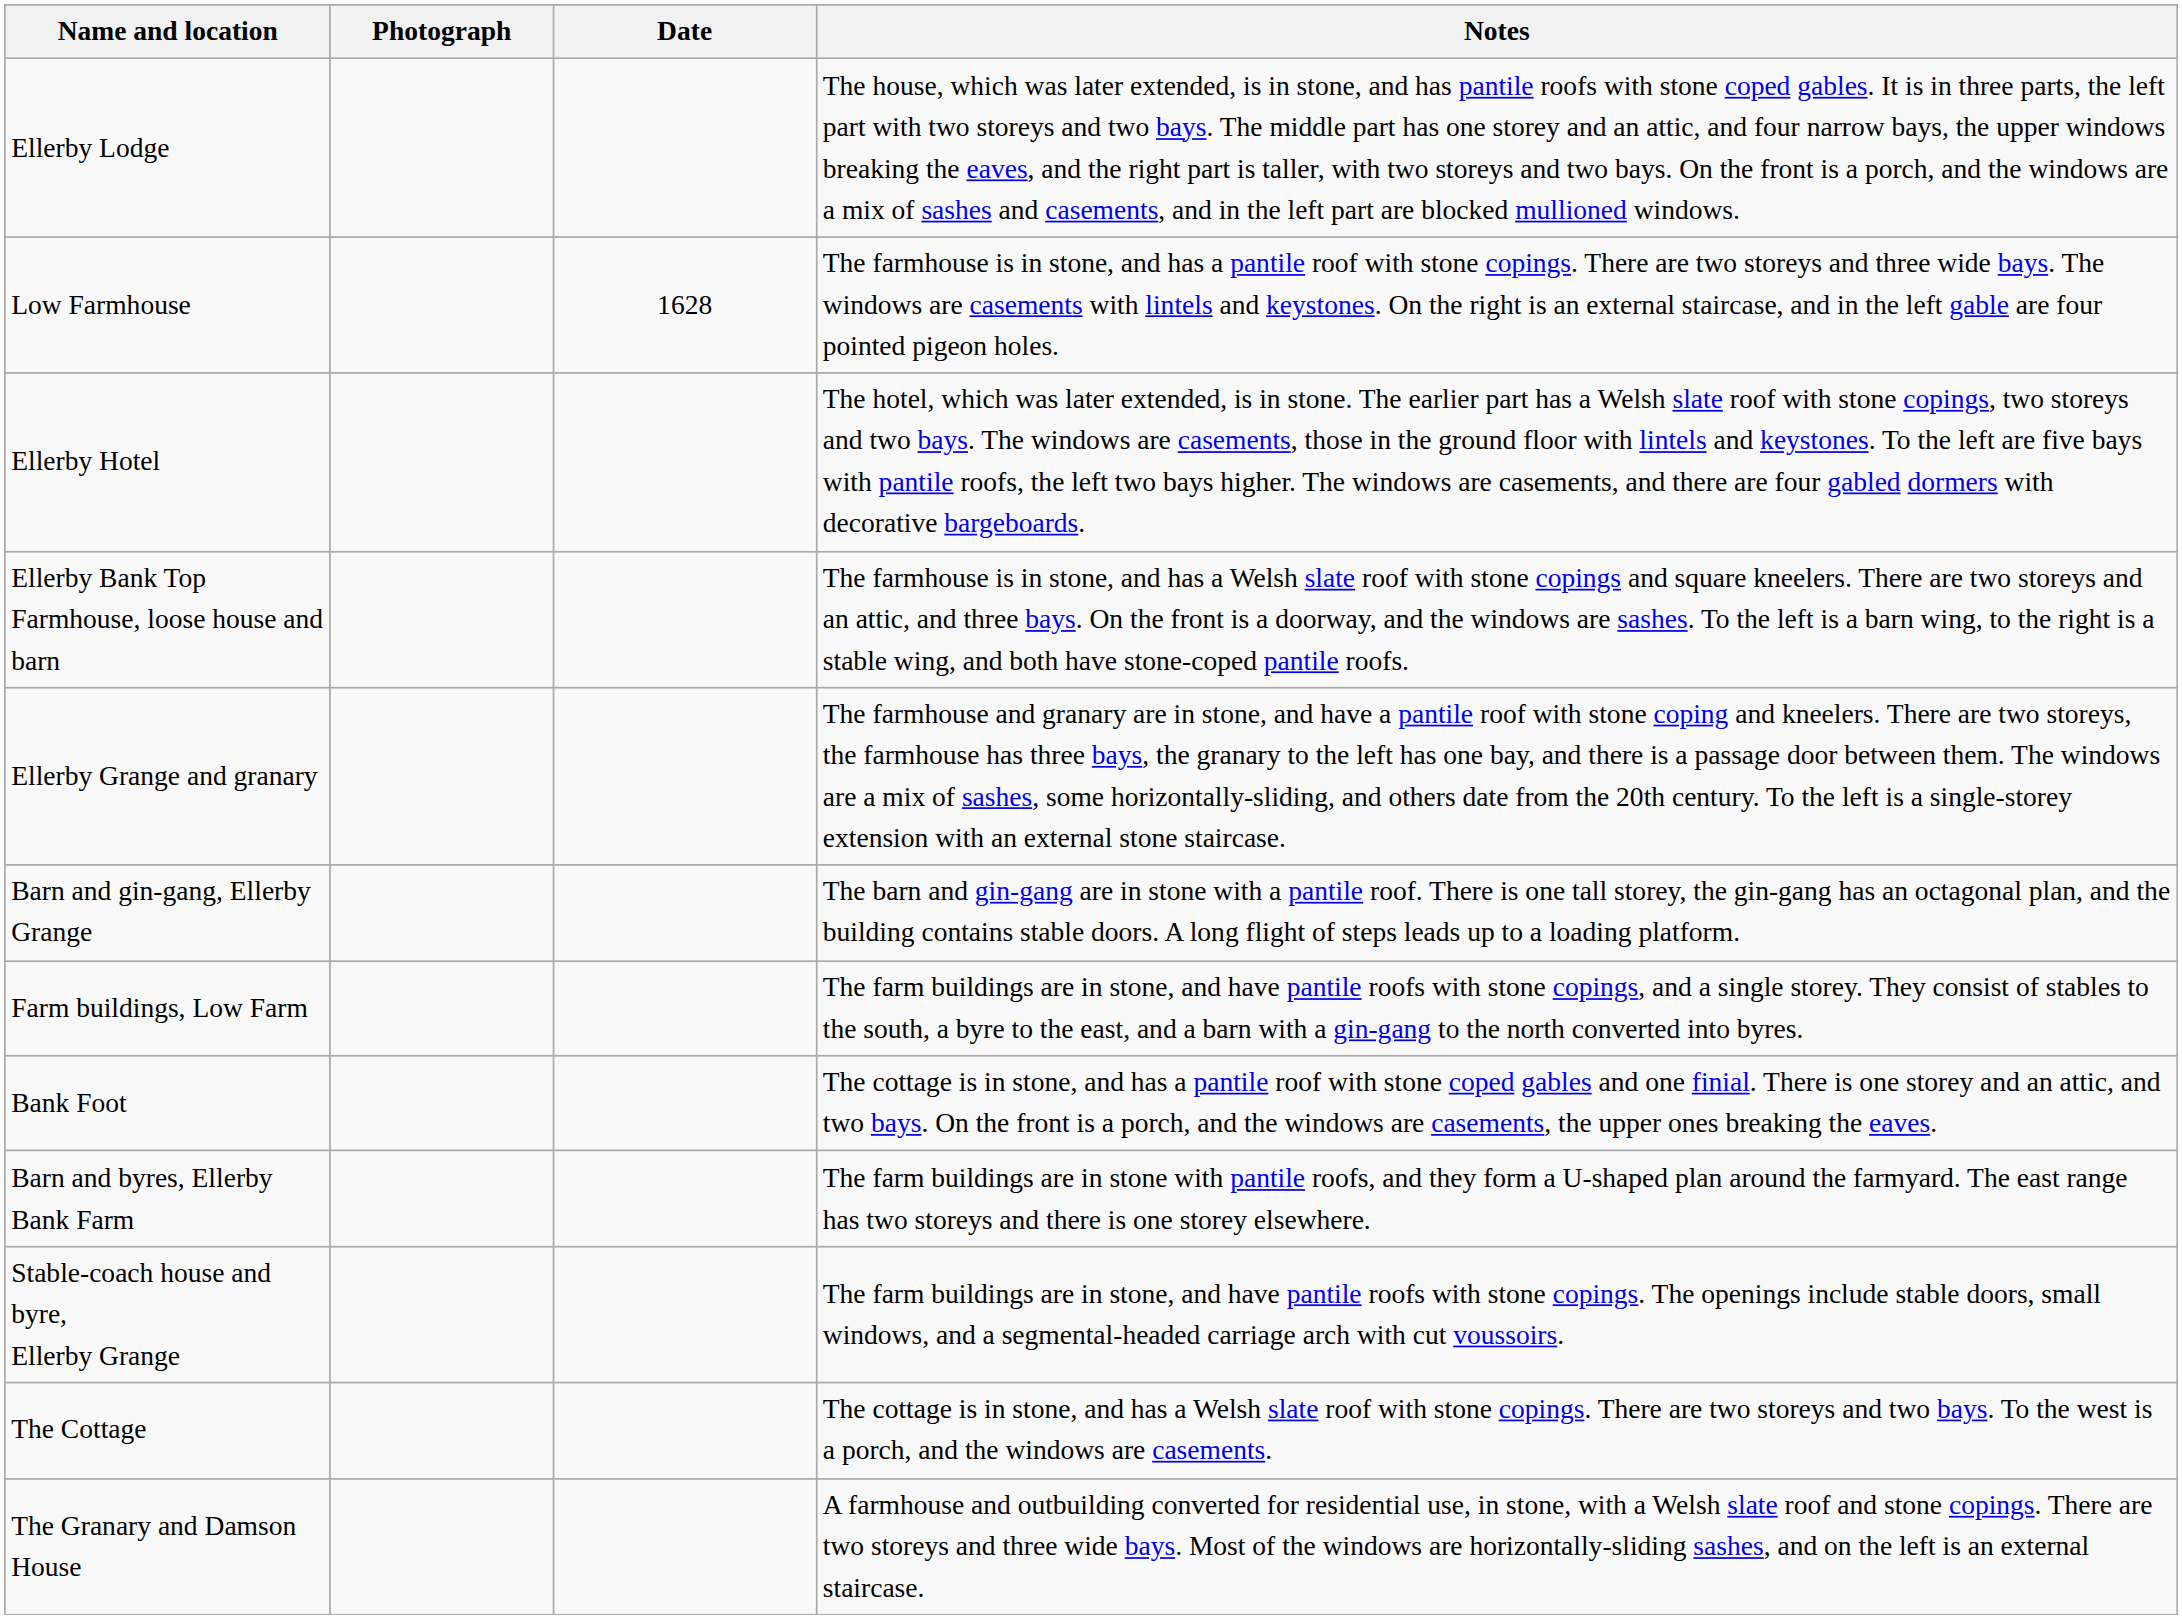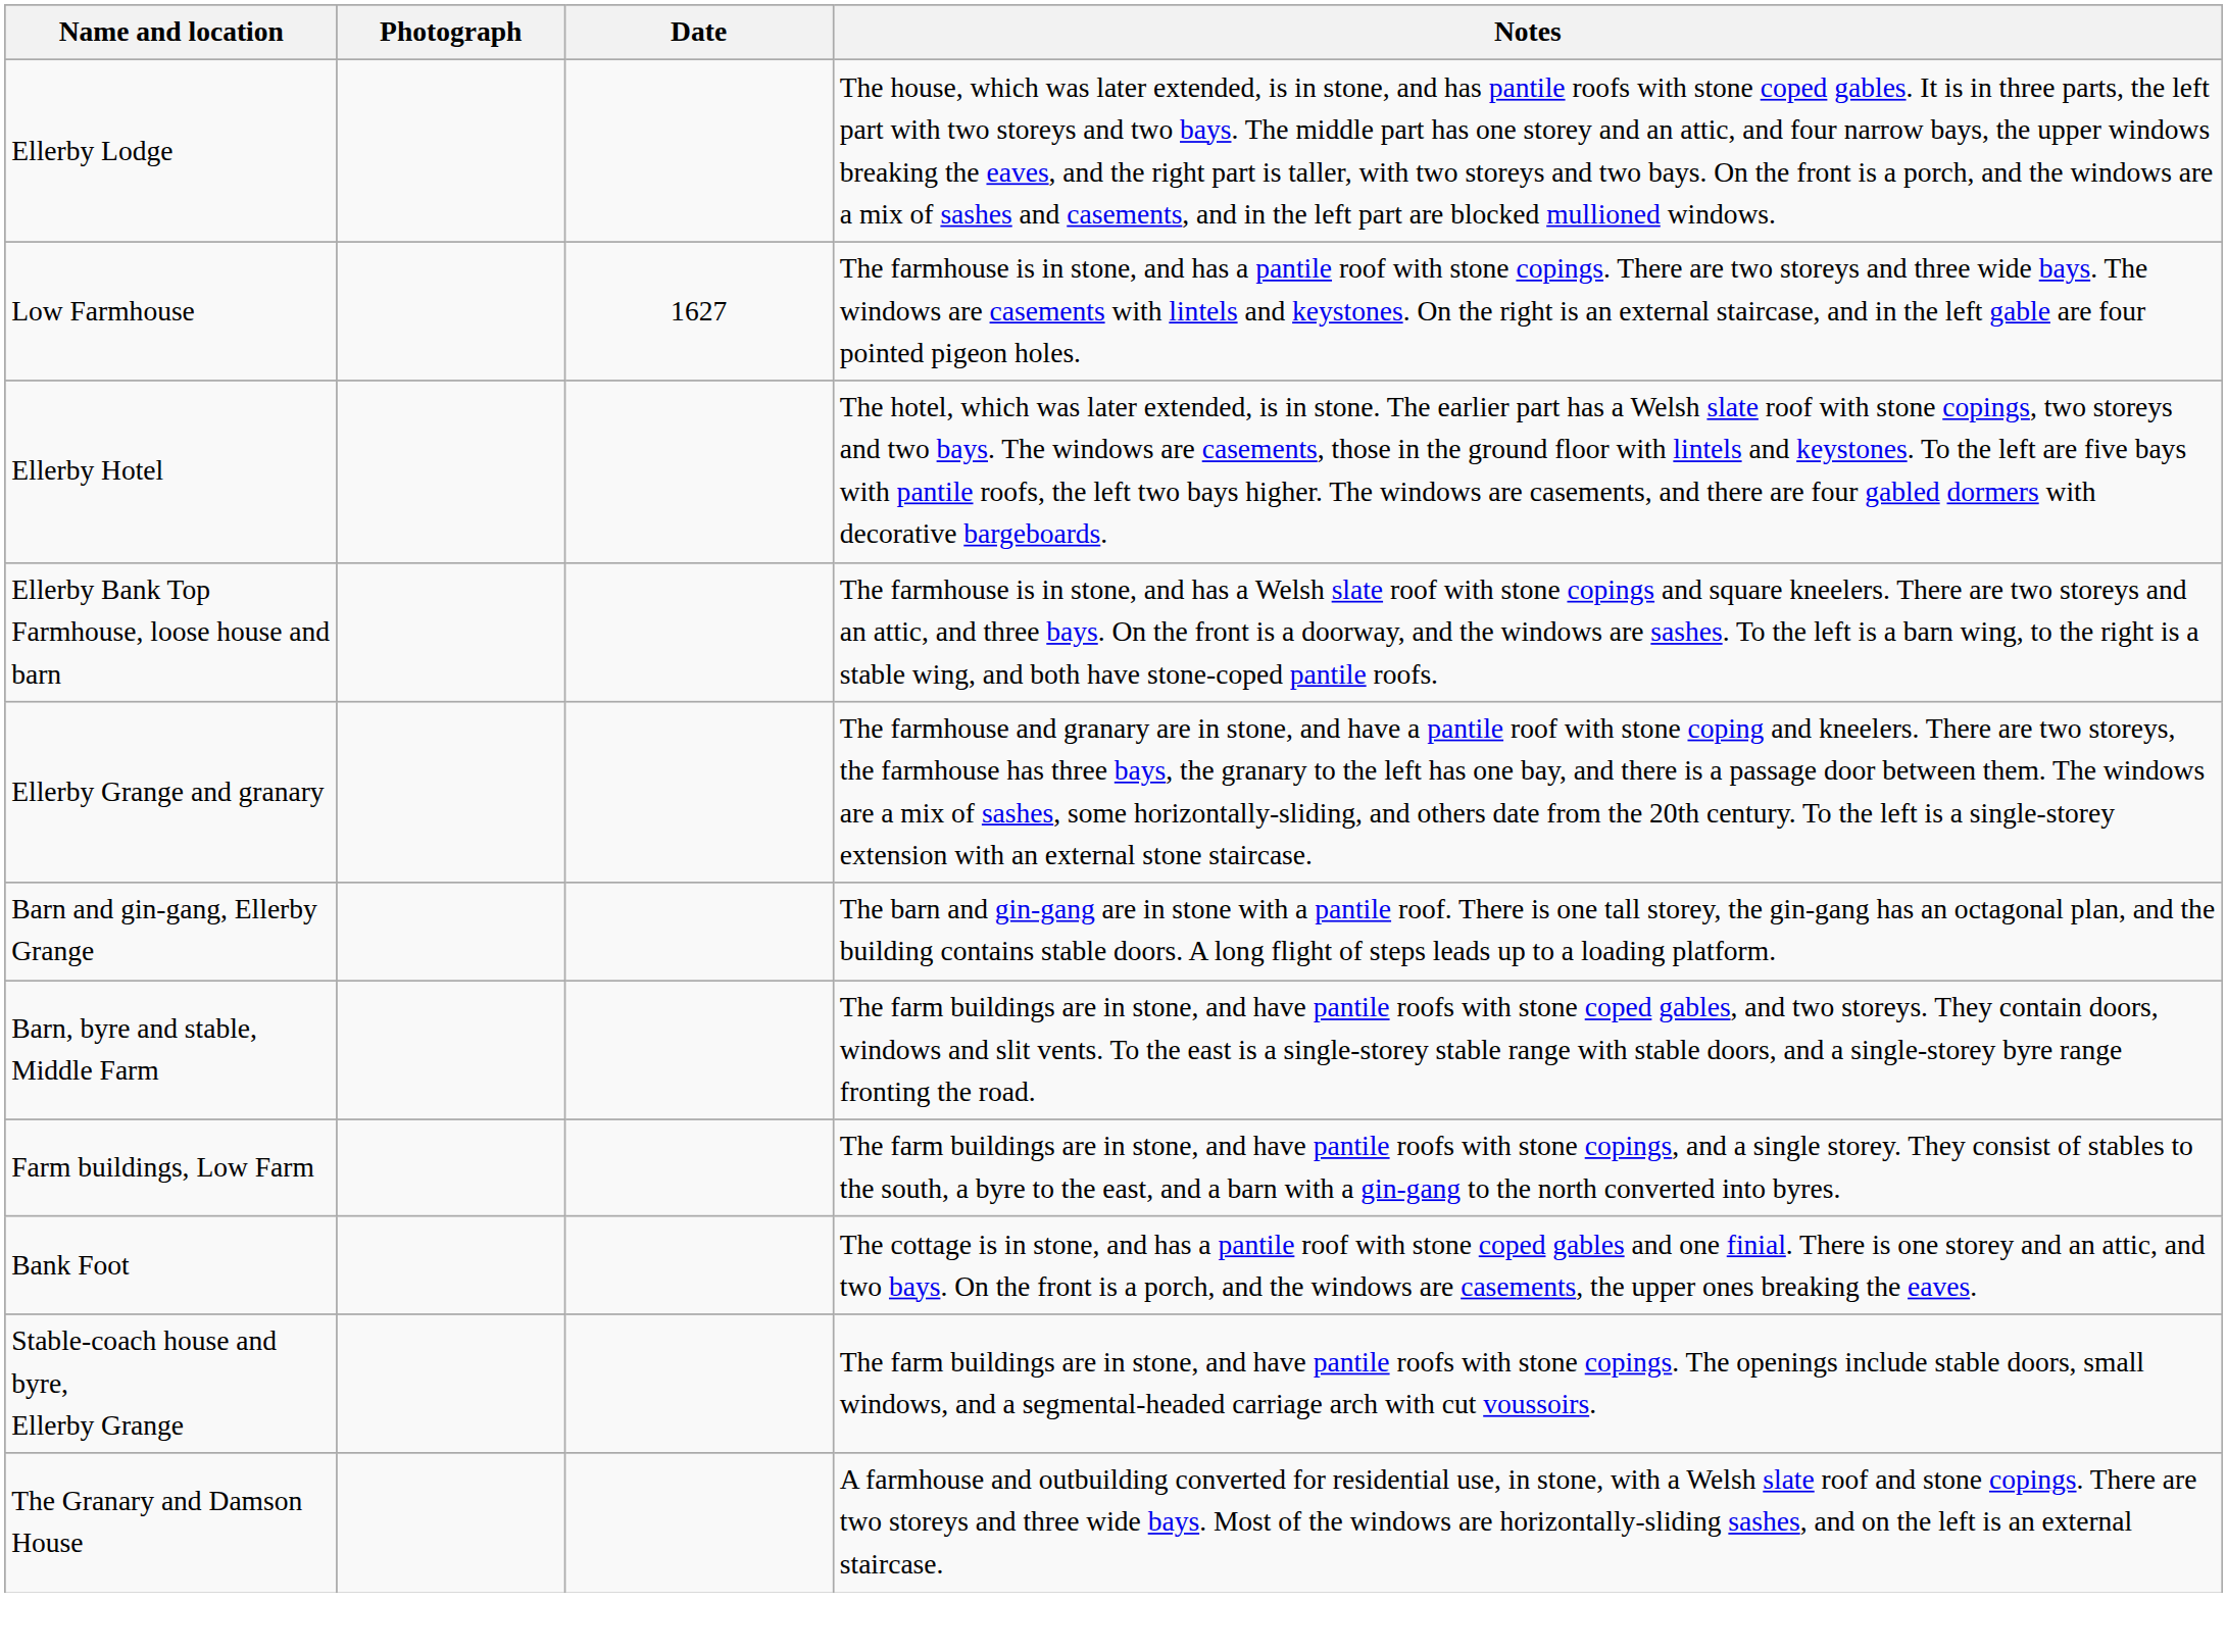 <table class="wikitable sortable plainrowheaders" style="width:100%;border:0px;text-align:left;line-height:150%;">
 <tr>
 <th scope="col"  style="width:150px">Name and location</th>
 <th scope="col"  style="width:100px" class="unsortable">Photograph</th>
 <th scope="col"  style="width:120px">Date</th>
 <th scope="col"  style="width:650px" class="unsortable">Notes</th>
 </tr>
 <tr>
 <td>Ellerby Lodge<br><small></small></td>
 <td></td>
 <td align="center"></td>
 <td>The house, which was later extended, is in stone, and has <a href='#'>pantile</a> roofs with stone <a href='#'>coped</a> <a href='#'>gables</a>.  It is in three parts, the left part with two storeys and two <a href='#'>bays</a>.  The middle part has one storey and an attic, and four narrow bays, the upper windows breaking the <a href='#'>eaves</a>, and the right part is taller, with two storeys and two bays.  On the front is a porch, and the windows are a mix of <a href='#'>sashes</a> and <a href='#'>casements</a>, and in the left part are blocked <a href='#'>mullioned</a> windows.</td>
 </tr>
 <tr>
 <td>Low Farmhouse<br><small></small></td>
 <td></td>
-<td align="center">1628</td>
+<td align="center">1627</td>
 <td>The farmhouse is in stone, and has a <a href='#'>pantile</a> roof with stone <a href='#'>copings</a>.  There are two storeys and three wide <a href='#'>bays</a>.  The windows are <a href='#'>casements</a> with <a href='#'>lintels</a> and <a href='#'>keystones</a>.  On the right is an external staircase, and in the left <a href='#'>gable</a> are four pointed pigeon holes.</td>
 </tr>
 <tr>
 <td>Ellerby Hotel<br><small></small></td>
 <td></td>
 <td align="center"></td>
 <td>The hotel, which was later extended, is in stone.  The earlier part has a Welsh <a href='#'>slate</a> roof with stone <a href='#'>copings</a>, two storeys and two <a href='#'>bays</a>.  The windows are <a href='#'>casements</a>, those in the ground floor with <a href='#'>lintels</a> and <a href='#'>keystones</a>.  To the left are five bays with <a href='#'>pantile</a> roofs, the left two bays higher.  The windows are casements, and there are four <a href='#'>gabled</a> <a href='#'>dormers</a> with decorative <a href='#'>bargeboards</a>.</td>
 </tr>
 <tr>
 <td>Ellerby Bank Top Farmhouse, loose house and barn<br><small></small></td>
 <td></td>
 <td align="center"></td>
 <td>The farmhouse is in stone, and has a Welsh <a href='#'>slate</a> roof with stone <a href='#'>copings</a> and square kneelers.  There are two storeys and an attic, and three <a href='#'>bays</a>.  On the front is a doorway, and the windows are <a href='#'>sashes</a>.  To the left is a barn wing, to the right is a stable wing, and both have stone-coped <a href='#'>pantile</a> roofs.</td>
 </tr>
 <tr>
 <td>Ellerby Grange and granary<br><small></small></td>
 <td></td>
 <td align="center"></td>
 <td>The farmhouse and granary are in stone, and have a <a href='#'>pantile</a> roof with stone <a href='#'>coping</a> and kneelers.  There are two storeys, the farmhouse has three <a href='#'>bays</a>, the granary to the left has one bay, and there is a passage door between them.  The windows are a mix of <a href='#'>sashes</a>, some horizontally-sliding, and others date from the 20th century.  To the left is a single-storey extension  with an external stone staircase.</td>
 </tr>
 <tr>
 <td>Barn and gin-gang, Ellerby Grange<br><small></small></td>
 <td></td>
 <td align="center"></td>
 <td>The barn and <a href='#'>gin-gang</a> are in stone with a <a href='#'>pantile</a> roof.  There is one tall storey, the gin-gang has an octagonal plan, and the building contains stable doors.  A long flight of steps leads up to a loading platform.</td>
 </tr>
 <tr>
+<td>Barn, byre and stable, Middle Farm<br><small></small></td>
+<td></td>
+<td align="center"></td>
+<td>The farm buildings are in stone, and have <a href='#'>pantile</a> roofs with stone <a href='#'>coped</a> <a href='#'>gables</a>, and two storeys.  They contain doors, windows and slit vents.  To the east is a single-storey stable range with stable doors, and a single-storey byre range fronting the road.</td>
+</tr>
+<tr>
 <td>Farm buildings, Low Farm<br><small></small></td>
 <td></td>
 <td align="center"></td>
 <td>The farm buildings are in stone, and have <a href='#'>pantile</a> roofs with stone <a href='#'>copings</a>, and a single storey.  They consist of stables to the south, a byre to the east, and a barn with a <a href='#'>gin-gang</a> to the north converted into byres.</td>
 </tr>
 <tr>
 <td>Bank Foot<br><small></small></td>
 <td></td>
 <td align="center"></td>
 <td>The cottage is in stone, and has a <a href='#'>pantile</a> roof with stone <a href='#'>coped</a> <a href='#'>gables</a> and one <a href='#'>finial</a>.  There is one storey and an attic, and two <a href='#'>bays</a>.  On the front is a porch, and the windows are <a href='#'>casements</a>, the upper ones breaking the <a href='#'>eaves</a>.</td>
 </tr>
 <tr>
-<td>Barn and byres, Ellerby Bank Farm<br><small></small></td>
-<td></td>
-<td align="center"></td>
-<td>The farm buildings are in stone with <a href='#'>pantile</a> roofs, and they form a U-shaped plan around the farmyard.  The east range has two storeys and there is one storey elsewhere.</td>
-</tr>
-<tr>
 <td>Stable-coach house and byre,<br>Ellerby Grange<br><small></small></td>
 <td></td>
 <td align="center"></td>
 <td>The farm buildings are in stone, and have <a href='#'>pantile</a> roofs with stone <a href='#'>copings</a>.  The openings include stable doors, small windows, and a segmental-headed carriage arch with cut <a href='#'>voussoirs</a>.</td>
-</tr>
-<tr>
-<td>The Cottage<br><small></small></td>
-<td></td>
-<td align="center"></td>
-<td>The cottage is in stone, and has a Welsh <a href='#'>slate</a> roof with stone <a href='#'>copings</a>.  There are two storeys and two <a href='#'>bays</a>.  To the west is a porch, and the windows are <a href='#'>casements</a>.</td>
 </tr>
 <tr>
 <td>The Granary and Damson House<br><small></small></td>
 <td></td>
 <td align="center"></td>
 <td>A farmhouse and outbuilding converted for residential use, in stone, with a Welsh <a href='#'>slate</a> roof and stone <a href='#'>copings</a>.  There are two storeys and three wide <a href='#'>bays</a>.  Most of the windows are horizontally-sliding <a href='#'>sashes</a>, and on the left is an external staircase.</td>
 </tr>
 <tr>
 </tr>
 </table>
